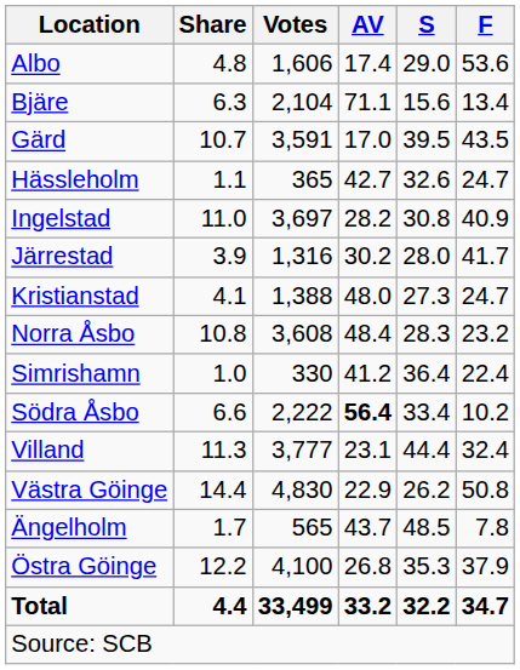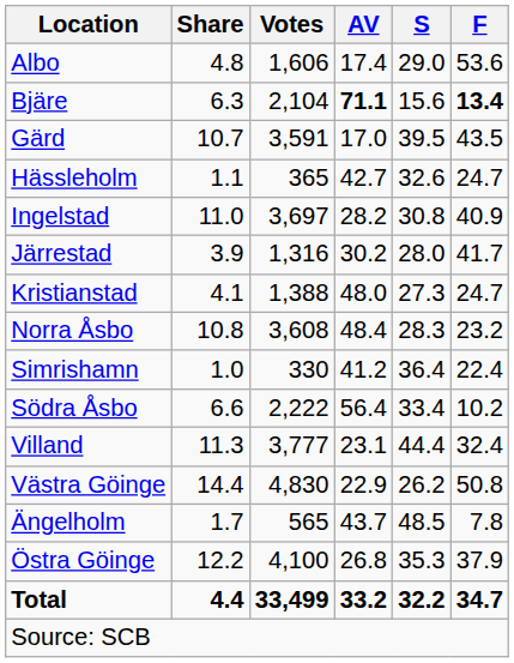 <table class="wikitable sortable" style=text-align:right>
 <tr>
 <th>Location</th>
 <th>Share</th>
 <th>Votes</th>
 <th><a href='#'>AV</a></th>
 <th><a href='#'>S</a></th>
 <th><a href='#'>F</a></th>
 </tr>
 <tr>
 <td align=left><a href='#'>Albo</a></td>
 <td>4.8</td>
 <td>1,606</td>
 <td>17.4</td>
 <td>29.0</td>
 <td>53.6</td>
 </tr>
 <tr>
 <td align=left><a href='#'>Bjäre</a></td>
 <td>6.3</td>
 <td>2,104</td>
-<td>71.1</td>
+<td><strong>71.1</strong></td>
 <td>15.6</td>
-<td>13.4</td>
+<td><strong>13.4</strong></td>
 </tr>
 <tr>
 <td align=left><a href='#'>Gärd</a></td>
 <td>10.7</td>
 <td>3,591</td>
 <td>17.0</td>
 <td>39.5</td>
 <td>43.5</td>
 </tr>
 <tr>
 <td align=left><a href='#'>Hässleholm</a></td>
 <td>1.1</td>
 <td>365</td>
 <td>42.7</td>
 <td>32.6</td>
 <td>24.7</td>
 </tr>
 <tr>
 <td align=left><a href='#'>Ingelstad</a></td>
 <td>11.0</td>
 <td>3,697</td>
 <td>28.2</td>
 <td>30.8</td>
 <td>40.9</td>
 </tr>
 <tr>
 <td align=left><a href='#'>Järrestad</a></td>
 <td>3.9</td>
 <td>1,316</td>
 <td>30.2</td>
 <td>28.0</td>
 <td>41.7</td>
 </tr>
 <tr>
 <td align=left><a href='#'>Kristianstad</a></td>
 <td>4.1</td>
 <td>1,388</td>
 <td>48.0</td>
 <td>27.3</td>
 <td>24.7</td>
 </tr>
 <tr>
 <td align=left><a href='#'>Norra Åsbo</a></td>
 <td>10.8</td>
 <td>3,608</td>
 <td>48.4</td>
 <td>28.3</td>
 <td>23.2</td>
 </tr>
 <tr>
 <td align=left><a href='#'>Simrishamn</a></td>
 <td>1.0</td>
 <td>330</td>
 <td>41.2</td>
 <td>36.4</td>
 <td>22.4</td>
 </tr>
 <tr>
 <td align=left><a href='#'>Södra Åsbo</a></td>
 <td>6.6</td>
 <td>2,222</td>
-<td><strong>56.4</strong></td>
+<td>56.4</td>
 <td>33.4</td>
 <td>10.2</td>
 </tr>
 <tr>
 <td align=left><a href='#'>Villand</a></td>
 <td>11.3</td>
 <td>3,777</td>
 <td>23.1</td>
 <td>44.4</td>
 <td>32.4</td>
 </tr>
 <tr>
 <td align=left><a href='#'>Västra Göinge</a></td>
 <td>14.4</td>
 <td>4,830</td>
 <td>22.9</td>
 <td>26.2</td>
 <td>50.8</td>
 </tr>
 <tr>
 <td align=left><a href='#'>Ängelholm</a></td>
 <td>1.7</td>
 <td>565</td>
 <td>43.7</td>
 <td>48.5</td>
 <td>7.8</td>
 </tr>
 <tr>
 <td align=left><a href='#'>Östra Göinge</a></td>
 <td>12.2</td>
 <td>4,100</td>
 <td>26.8</td>
 <td>35.3</td>
 <td>37.9</td>
 </tr>
 <tr>
 <td align=left><strong>Total</strong></td>
 <td><strong>4.4</strong></td>
 <td><strong>33,499</strong></td>
 <td><strong>33.2</strong></td>
 <td><strong>32.2</strong></td>
 <td><strong>34.7</strong></td>
 </tr>
 <tr>
 <td align=left colspan=6>Source: SCB </td>
 </tr>
 </table>
